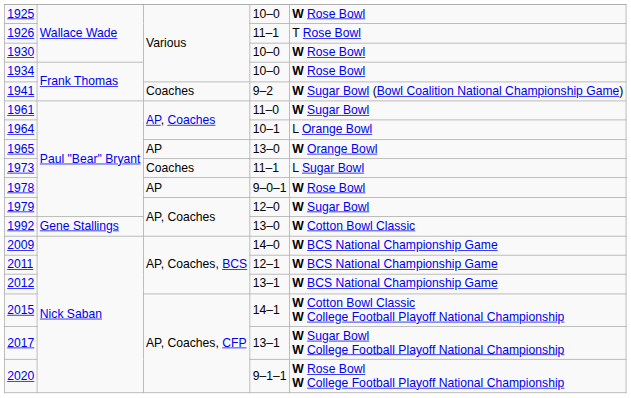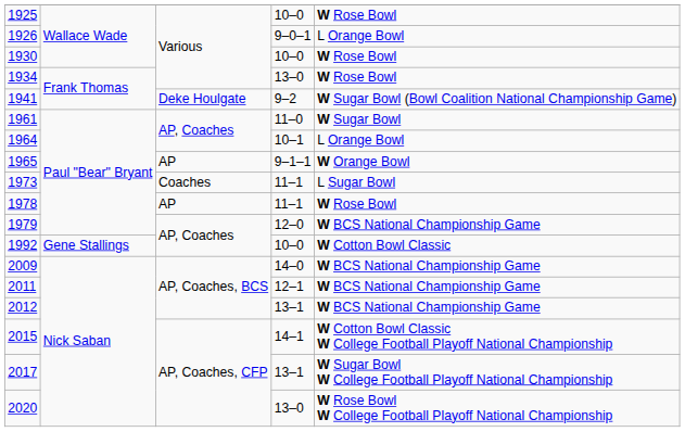 <table class="wikitable">
 <tr>
 </tr>
 <tr>
 <td><a href='#'>1925</a></td>
 <td rowspan="3"><a href='#'>Wallace Wade</a></td>
 <td rowspan="4">Various</td>
 <td>10–0</td>
 <td><strong>W</strong> <a href='#'>Rose Bowl</a></td>
 </tr>
 <tr>
 <td><a href='#'>1926</a></td>
-<td>11–1</td>
-<td>T <a href='#'>Rose Bowl</a></td>
+<td>9–0–1</td>
+<td>L <a href='#'>Orange Bowl</a></td>
 </tr>
 <tr>
 <td><a href='#'>1930</a></td>
 <td>10–0</td>
 <td><strong>W</strong> <a href='#'>Rose Bowl</a></td>
 </tr>
 <tr>
 <td><a href='#'>1934</a></td>
 <td rowspan="2"><a href='#'>Frank Thomas</a></td>
-<td>10–0</td>
+<td>13–0</td>
 <td><strong>W</strong> <a href='#'>Rose Bowl</a></td>
 </tr>
 <tr>
 <td><a href='#'>1941</a></td>
-<td>Coaches</td>
+<td><a href='#'>Deke Houlgate</a></td>
 <td>9–2</td>
 <td><strong>W</strong> <a href='#'>Sugar Bowl</a> (<a href='#'>Bowl Coalition National Championship Game</a>)</td>
 </tr>
 <tr>
 <td><a href='#'>1961</a></td>
 <td rowspan="6"><a href='#'>Paul "Bear" Bryant</a></td>
 <td rowspan="2"><a href='#'>AP</a>, <a href='#'>Coaches</a></td>
 <td>11–0</td>
 <td><strong>W</strong> <a href='#'>Sugar Bowl</a></td>
 </tr>
 <tr>
 <td><a href='#'>1964</a></td>
 <td>10–1</td>
 <td>L <a href='#'>Orange Bowl</a></td>
 </tr>
 <tr>
 <td><a href='#'>1965</a></td>
 <td>AP</td>
-<td>13–0</td>
+<td>9–1–1</td>
 <td><strong>W</strong> <a href='#'>Orange Bowl</a></td>
 </tr>
 <tr>
 <td><a href='#'>1973</a></td>
 <td>Coaches</td>
 <td>11–1</td>
 <td>L <a href='#'>Sugar Bowl</a></td>
 </tr>
 <tr>
 <td><a href='#'>1978</a></td>
 <td>AP</td>
-<td>9–0–1</td>
+<td>11–1</td>
 <td><strong>W</strong> <a href='#'>Rose Bowl</a></td>
 </tr>
 <tr>
 <td><a href='#'>1979</a></td>
 <td rowspan="2">AP, Coaches</td>
 <td>12–0</td>
-<td><strong>W</strong> <a href='#'>Sugar Bowl</a></td>
+<td><strong>W</strong> <a href='#'>BCS National Championship Game</a></td>
 </tr>
 <tr>
 <td><a href='#'>1992</a></td>
 <td><a href='#'>Gene Stallings</a></td>
-<td>13–0</td>
+<td>10–0</td>
 <td><strong>W</strong> <a href='#'>Cotton Bowl Classic</a></td>
 </tr>
 <tr>
 <td><a href='#'>2009</a></td>
 <td rowspan="6"><a href='#'>Nick Saban</a></td>
 <td rowspan="3">AP, Coaches, <a href='#'>BCS</a></td>
 <td>14–0</td>
 <td><strong>W</strong> <a href='#'>BCS National Championship Game</a></td>
 </tr>
 <tr>
 <td><a href='#'>2011</a></td>
 <td>12–1</td>
 <td><strong>W</strong> <a href='#'>BCS National Championship Game</a></td>
 </tr>
 <tr>
 <td><a href='#'>2012</a></td>
 <td>13–1</td>
 <td><strong>W</strong> <a href='#'>BCS National Championship Game</a></td>
 </tr>
 <tr>
 <td><a href='#'>2015</a></td>
 <td rowspan="3">AP, Coaches, <a href='#'>CFP</a></td>
 <td>14–1</td>
 <td><strong>W</strong> <a href='#'>Cotton Bowl Classic</a> <br><strong>W</strong> <a href='#'>College Football Playoff National Championship</a></td>
 </tr>
 <tr>
 <td><a href='#'>2017</a></td>
 <td>13–1</td>
 <td><strong>W</strong> <a href='#'>Sugar Bowl</a> <br><strong>W</strong> <a href='#'>College Football Playoff National Championship</a></td>
 </tr>
 <tr>
 <td><a href='#'>2020</a></td>
-<td>9–1–1</td>
+<td>13–0</td>
 <td><strong>W</strong> <a href='#'>Rose Bowl</a> <br><strong>W</strong> <a href='#'>College Football Playoff National Championship</a></td>
 </tr>
 </table>
